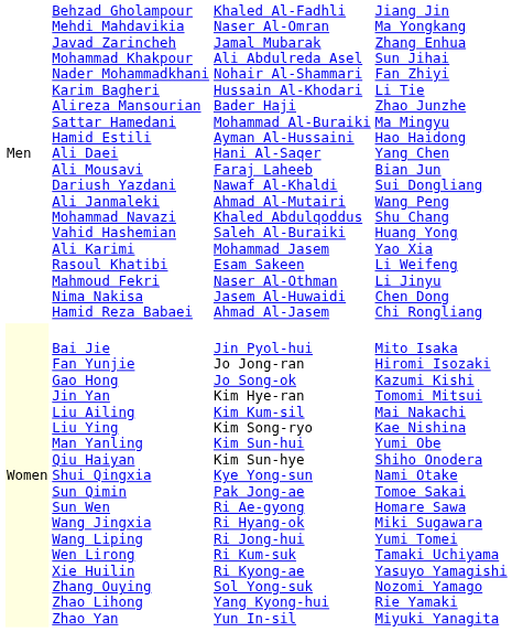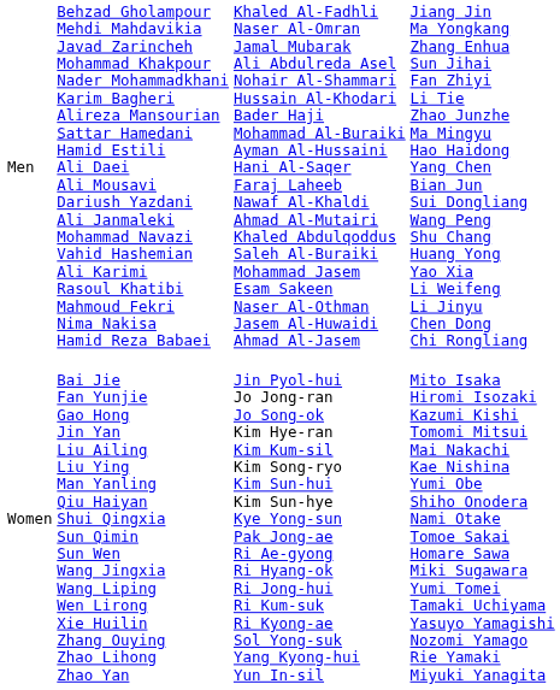 <table>
 <tr>
 <td>Men<br></td>
 <td><br><a href='#'>Behzad Gholampour</a><br><a href='#'>Mehdi Mahdavikia</a><br><a href='#'>Javad Zarincheh</a><br><a href='#'>Mohammad Khakpour</a><br><a href='#'>Nader Mohammadkhani</a><br><a href='#'>Karim Bagheri</a><br><a href='#'>Alireza Mansourian</a><br><a href='#'>Sattar Hamedani</a><br><a href='#'>Hamid Estili</a><br><a href='#'>Ali Daei</a><br><a href='#'>Ali Mousavi</a><br><a href='#'>Dariush Yazdani</a><br><a href='#'>Ali Janmaleki</a><br><a href='#'>Mohammad Navazi</a><br><a href='#'>Vahid Hashemian</a><br><a href='#'>Ali Karimi</a><br><a href='#'>Rasoul Khatibi</a><br><a href='#'>Mahmoud Fekri</a><br><a href='#'>Nima Nakisa</a><br><a href='#'>Hamid Reza Babaei</a></td>
 <td><br><a href='#'>Khaled Al-Fadhli</a><br><a href='#'>Naser Al-Omran</a><br><a href='#'>Jamal Mubarak</a><br><a href='#'>Ali Abdulreda Asel</a><br><a href='#'>Nohair Al-Shammari</a><br><a href='#'>Hussain Al-Khodari</a><br><a href='#'>Bader Haji</a><br><a href='#'>Mohammad Al-Buraiki</a><br><a href='#'>Ayman Al-Hussaini</a><br><a href='#'>Hani Al-Saqer</a><br><a href='#'>Faraj Laheeb</a><br><a href='#'>Nawaf Al-Khaldi</a><br><a href='#'>Ahmad Al-Mutairi</a><br><a href='#'>Khaled Abdulqoddus</a><br><a href='#'>Saleh Al-Buraiki</a><br><a href='#'>Mohammad Jasem</a><br><a href='#'>Esam Sakeen</a><br><a href='#'>Naser Al-Othman</a><br><a href='#'>Jasem Al-Huwaidi</a><br><a href='#'>Ahmad Al-Jasem</a></td>
 <td><br><a href='#'>Jiang Jin</a><br><a href='#'>Ma Yongkang</a><br><a href='#'>Zhang Enhua</a><br><a href='#'>Sun Jihai</a><br><a href='#'>Fan Zhiyi</a><br><a href='#'>Li Tie</a><br><a href='#'>Zhao Junzhe</a><br><a href='#'>Ma Mingyu</a><br><a href='#'>Hao Haidong</a><br><a href='#'>Yang Chen</a><br><a href='#'>Bian Jun</a><br><a href='#'>Sui Dongliang</a><br><a href='#'>Wang Peng</a><br><a href='#'>Shu Chang</a><br><a href='#'>Huang Yong</a><br><a href='#'>Yao Xia</a><br><a href='#'>Li Weifeng</a><br><a href='#'>Li Jinyu</a><br><a href='#'>Chen Dong</a><br><a href='#'>Chi Rongliang</a></td>
 </tr>
 <tr>
-<td style="background: lightyellow;">Women<br></td>
+<td>Women<br></td>
 <td><br><a href='#'>Bai Jie</a><br><a href='#'>Fan Yunjie</a><br><a href='#'>Gao Hong</a><br><a href='#'>Jin Yan</a><br><a href='#'>Liu Ailing</a><br><a href='#'>Liu Ying</a><br><a href='#'>Man Yanling</a><br><a href='#'>Qiu Haiyan</a><br><a href='#'>Shui Qingxia</a><br><a href='#'>Sun Qimin</a><br><a href='#'>Sun Wen</a><br><a href='#'>Wang Jingxia</a><br><a href='#'>Wang Liping</a><br><a href='#'>Wen Lirong</a><br><a href='#'>Xie Huilin</a><br><a href='#'>Zhang Ouying</a><br><a href='#'>Zhao Lihong</a><br><a href='#'>Zhao Yan</a></td>
 <td><br><a href='#'>Jin Pyol-hui</a><br>Jo Jong-ran<br><a href='#'>Jo Song-ok</a><br>Kim Hye-ran<br><a href='#'>Kim Kum-sil</a><br>Kim Song-ryo<br><a href='#'>Kim Sun-hui</a><br>Kim Sun-hye<br><a href='#'>Kye Yong-sun</a><br><a href='#'>Pak Jong-ae</a><br><a href='#'>Ri Ae-gyong</a><br><a href='#'>Ri Hyang-ok</a><br><a href='#'>Ri Jong-hui</a><br><a href='#'>Ri Kum-suk</a><br><a href='#'>Ri Kyong-ae</a><br><a href='#'>Sol Yong-suk</a><br><a href='#'>Yang Kyong-hui</a><br><a href='#'>Yun In-sil</a></td>
 <td><br><a href='#'>Mito Isaka</a><br><a href='#'>Hiromi Isozaki</a><br><a href='#'>Kazumi Kishi</a><br><a href='#'>Tomomi Mitsui</a><br><a href='#'>Mai Nakachi</a><br><a href='#'>Kae Nishina</a><br><a href='#'>Yumi Obe</a><br><a href='#'>Shiho Onodera</a><br><a href='#'>Nami Otake</a><br><a href='#'>Tomoe Sakai</a><br><a href='#'>Homare Sawa</a><br><a href='#'>Miki Sugawara</a><br><a href='#'>Yumi Tomei</a><br><a href='#'>Tamaki Uchiyama</a><br><a href='#'>Yasuyo Yamagishi</a><br><a href='#'>Nozomi Yamago</a><br><a href='#'>Rie Yamaki</a><br><a href='#'>Miyuki Yanagita</a></td>
 </tr>
 </table>
